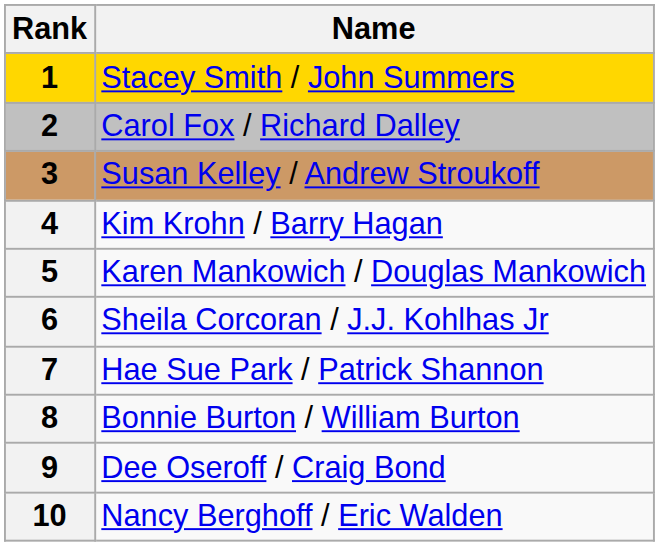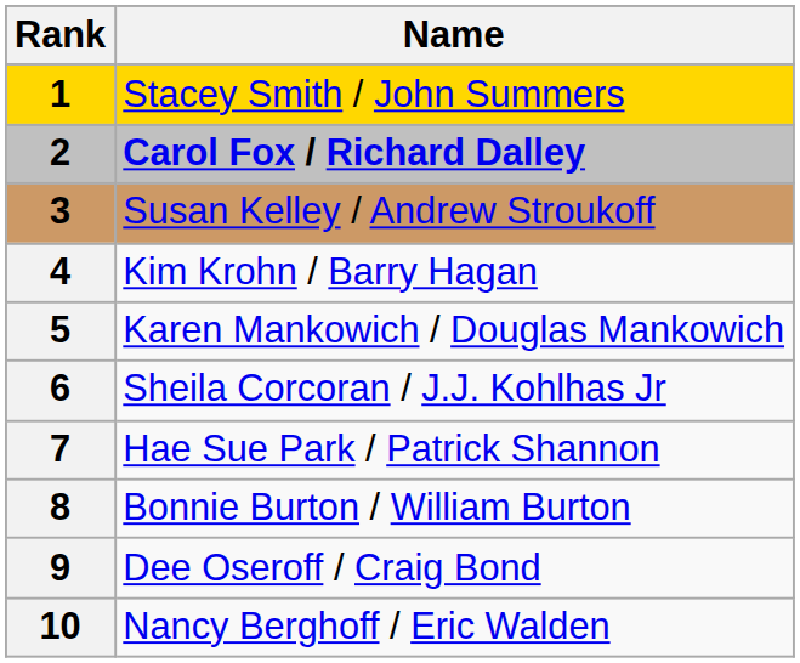 <table class="wikitable">
 <tr>
 <th>Rank</th>
 <th>Name</th>
 </tr>
 <tr bgcolor="gold">
 <td align="center"><strong>1</strong></td>
 <td><a href='#'>Stacey Smith</a> / <a href='#'>John Summers</a></td>
 </tr>
 <tr bgcolor="silver">
 <td align="center"><strong>2</strong></td>
-<td><a href='#'>Carol Fox</a> / <a href='#'>Richard Dalley</a></td>
+<td><strong><a href='#'>Carol Fox</a> / <a href='#'>Richard Dalley</a></strong></td>
 </tr>
 <tr bgcolor="cc9966">
 <td align="center"><strong>3</strong></td>
 <td><a href='#'>Susan Kelley</a> / <a href='#'>Andrew Stroukoff</a></td>
 </tr>
 <tr>
 <th>4</th>
 <td><a href='#'>Kim Krohn</a> / <a href='#'>Barry Hagan</a></td>
 </tr>
 <tr>
 <th>5</th>
 <td><a href='#'>Karen Mankowich</a> / <a href='#'>Douglas Mankowich</a></td>
 </tr>
 <tr>
 <th>6</th>
 <td><a href='#'>Sheila Corcoran</a> / <a href='#'>J.J. Kohlhas Jr</a></td>
 </tr>
 <tr>
 <th>7</th>
 <td><a href='#'>Hae Sue Park</a> / <a href='#'>Patrick Shannon</a></td>
 </tr>
 <tr>
 <th>8</th>
 <td><a href='#'>Bonnie Burton</a> / <a href='#'>William Burton</a></td>
 </tr>
 <tr>
 <th>9</th>
 <td><a href='#'>Dee Oseroff</a> / <a href='#'>Craig Bond</a></td>
 </tr>
 <tr>
 <th>10</th>
 <td><a href='#'>Nancy Berghoff</a> / <a href='#'>Eric Walden</a></td>
 </tr>
 </table>
